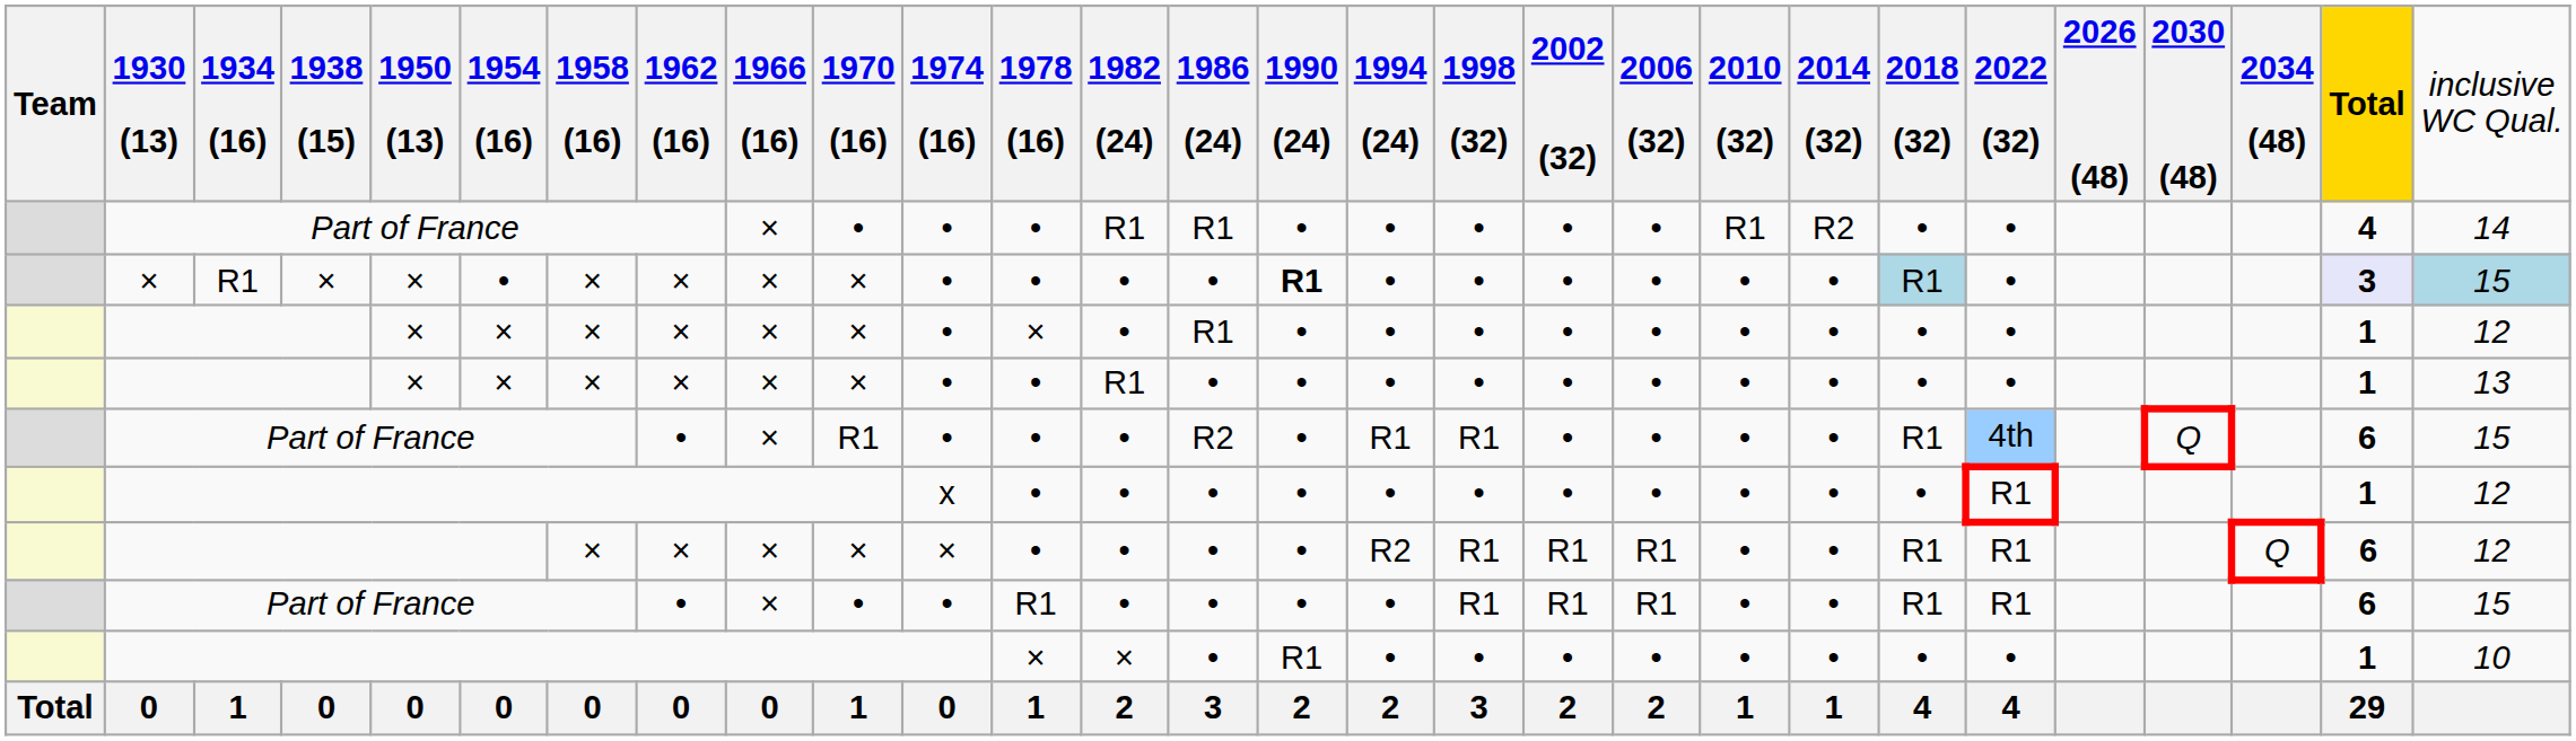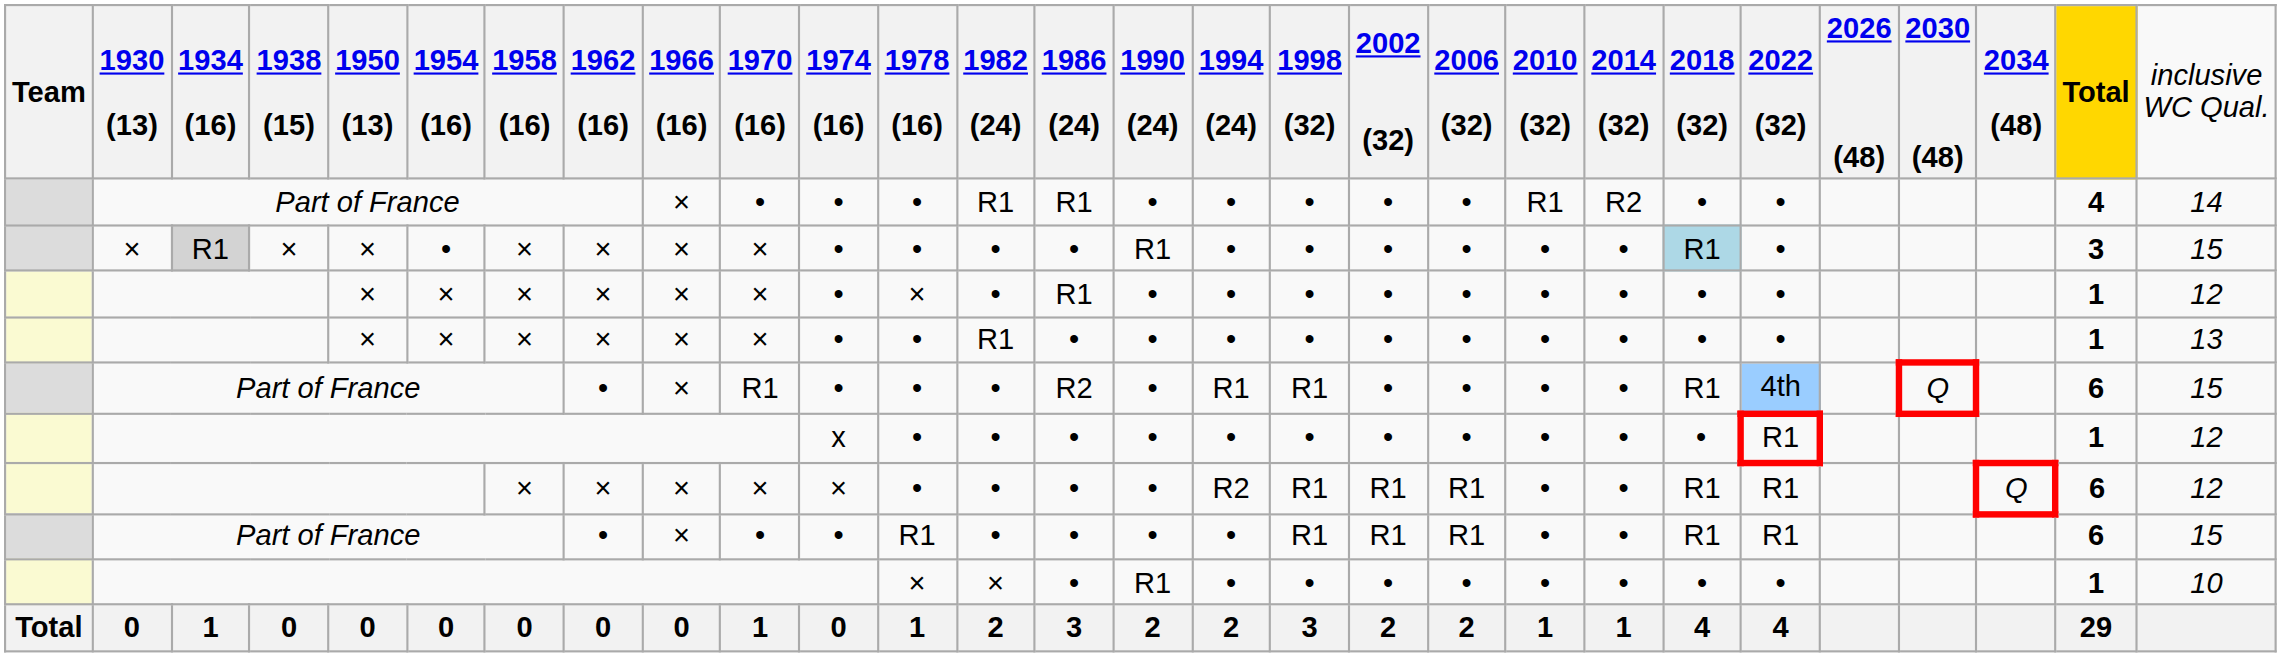 <table class="wikitable sortable" style="text-align:center; font-size:85%;">
 <tr>
 <th>Team</th>
 <th><a href='#'>1930</a><br><br>(13)</th>
 <th><a href='#'>1934</a><br><br>(16)</th>
 <th><a href='#'>1938</a><br><br>(15)</th>
 <th><a href='#'>1950</a><br><br>(13)</th>
 <th><a href='#'>1954</a><br><br>(16)</th>
 <th><a href='#'>1958</a><br><br>(16)</th>
 <th><a href='#'>1962</a><br><br>(16)</th>
 <th><a href='#'>1966</a><br><br>(16)</th>
 <th><a href='#'>1970</a><br><br>(16)</th>
 <th><a href='#'>1974</a><br><br>(16)</th>
 <th><a href='#'>1978</a><br><br>(16)</th>
 <th><a href='#'>1982</a><br><br>(24)</th>
 <th><a href='#'>1986</a><br><br>(24)</th>
 <th><a href='#'>1990</a><br><br>(24)</th>
 <th><a href='#'>1994</a><br><br>(24)</th>
 <th><a href='#'>1998</a><br><br>(32)</th>
 <th><a href='#'>2002</a><br><br><br>(32)</th>
 <th><a href='#'>2006</a><br><br>(32)</th>
 <th><a href='#'>2010</a><br><br>(32)</th>
 <th><a href='#'>2014</a><br><br>(32)</th>
 <th><a href='#'>2018</a><br><br>(32)</th>
 <th><a href='#'>2022</a><br><br>(32)</th>
 <th><a href='#'>2026</a><br><br><br><br>(48)</th>
 <th><a href='#'>2030</a><br><br><br><br>(48)</th>
 <th><a href='#'>2034</a><br><br>(48)</th>
 <td bgcolor=gold><strong>Total</strong></td>
 <td><em>inclusive <br> WC Qual.</em></td>
 </tr>
 <tr>
 <td align=left bgcolor=DCDCDC></td>
 <td colspan=7><em>Part of France</em></td>
 <td>×</td>
 <td>•</td>
 <td>•</td>
 <td>•</td>
 <td>R1<br></td>
 <td>R1<br></td>
 <td>•</td>
 <td>•</td>
 <td>•</td>
 <td>•</td>
 <td>•</td>
 <td>R1<br></td>
 <td>R2<br></td>
 <td>•</td>
 <td>•</td>
 <td></td>
 <td></td>
 <td></td>
 <td><strong>4</strong></td>
 <td><em>14</em></td>
 </tr>
 <tr>
 <td align=left bgcolor=DCDCDC></td>
 <td>×</td>
-<td>R1<br></td>
+<td style="background: lightgrey;">R1<br></td>
 <td>×</td>
 <td>×</td>
 <td>•</td>
 <td>×</td>
 <td>×</td>
 <td>×</td>
 <td>×</td>
 <td>•</td>
 <td>•</td>
 <td>•</td>
 <td>•</td>
-<td><strong>R1<br></strong></td>
+<td>R1<br></td>
 <td>•</td>
 <td>•</td>
 <td>•</td>
 <td>•</td>
 <td>•</td>
 <td>•</td>
 <td style="background: lightblue;">R1<br></td>
 <td>•</td>
 <td></td>
 <td></td>
 <td></td>
-<td style="background: lavender;"><strong>3</strong></td>
-<td style="background: lightblue;"><em>15</em></td>
+<td><strong>3</strong></td>
+<td><em>15</em></td>
 </tr>
 <tr>
 <td align=left bgcolor=FAFAD2></td>
 <td colspan=3></td>
 <td>×</td>
 <td>×</td>
 <td>×</td>
 <td>×</td>
 <td>×</td>
 <td>×</td>
 <td>•</td>
 <td>×</td>
 <td>•</td>
 <td>R1<br></td>
 <td>•</td>
 <td>•</td>
 <td>•</td>
 <td>•</td>
 <td>•</td>
 <td>•</td>
 <td>•</td>
 <td>•</td>
 <td>•</td>
 <td></td>
 <td></td>
 <td></td>
 <td><strong>1</strong></td>
 <td><em>12</em></td>
 </tr>
 <tr>
 <td align=left bgcolor=FAFAD2></td>
 <td colspan=3></td>
 <td>×</td>
 <td>×</td>
 <td>×</td>
 <td>×</td>
 <td>×</td>
 <td>×</td>
 <td>•</td>
 <td>•</td>
 <td>R1<br></td>
 <td>•</td>
 <td>•</td>
 <td>•</td>
 <td>•</td>
 <td>•</td>
 <td>•</td>
 <td>•</td>
 <td>•</td>
 <td>•</td>
 <td>•</td>
 <td></td>
 <td></td>
 <td></td>
 <td><strong>1</strong></td>
 <td><em>13</em></td>
 </tr>
 <tr>
 <td align=left bgcolor=DCDCDC></td>
 <td colspan=6><em>Part of France</em></td>
 <td>•</td>
 <td>×</td>
 <td>R1<br></td>
 <td>•</td>
 <td>•</td>
 <td>•</td>
 <td>R2<br></td>
 <td>•</td>
 <td>R1<br></td>
 <td>R1<br></td>
 <td>•</td>
 <td>•</td>
 <td>•</td>
 <td>•</td>
 <td>R1<br></td>
 <td bgcolor=#9acdff>4th</td>
 <td></td>
 <td style="border:3px solid red"><em>Q</em></td>
 <td></td>
 <td><strong>6</strong></td>
 <td><em>15</em></td>
 </tr>
 <tr>
 <td align=left bgcolor=FAFAD2></td>
 <td colspan=9></td>
 <td>x</td>
 <td>•</td>
 <td>•</td>
 <td>•</td>
 <td>•</td>
 <td>•</td>
 <td>•</td>
 <td>•</td>
 <td>•</td>
 <td>•</td>
 <td>•</td>
 <td>•</td>
 <td style="border:3px solid red">R1<br></td>
 <td></td>
 <td></td>
 <td></td>
 <td><strong>1</strong></td>
 <td><em>12</em></td>
 </tr>
 <tr>
 <td align=left bgcolor=FAFAD2></td>
 <td colspan=5></td>
 <td>×</td>
 <td>×</td>
 <td>×</td>
 <td>×</td>
 <td>×</td>
 <td>•</td>
 <td>•</td>
 <td>•</td>
 <td>•</td>
 <td>R2<br></td>
 <td>R1<br></td>
 <td>R1<br></td>
 <td>R1<br></td>
 <td>•</td>
 <td>•</td>
 <td>R1<br></td>
 <td>R1<br></td>
 <td></td>
 <td></td>
 <td style="border:3px solid red"><em>Q</em></td>
 <td><strong>6</strong></td>
 <td><em>12</em></td>
 </tr>
 <tr>
 <td align=left bgcolor=DCDCDC></td>
 <td colspan=6><em>Part of France</em></td>
 <td>•</td>
 <td>×</td>
 <td>•</td>
 <td>•</td>
 <td>R1<br></td>
 <td>•</td>
 <td>•</td>
 <td>•</td>
 <td>•</td>
 <td>R1<br></td>
 <td>R1<br></td>
 <td>R1<br></td>
 <td>•</td>
 <td>•</td>
 <td>R1<br></td>
 <td>R1<br></td>
 <td></td>
 <td></td>
 <td></td>
 <td><strong>6</strong></td>
 <td><em>15</em></td>
 </tr>
 <tr>
 <td align=left bgcolor=FAFAD2></td>
 <td colspan=10></td>
 <td>×</td>
 <td>×</td>
 <td>•</td>
 <td>R1<br></td>
 <td>•</td>
 <td>•</td>
 <td>•</td>
 <td>•</td>
 <td>•</td>
 <td>•</td>
 <td>•</td>
 <td>•</td>
 <td></td>
 <td></td>
 <td></td>
 <td><strong>1</strong></td>
 <td><em>10</em></td>
 </tr>
 <tr>
 <th>Total</th>
 <th>0</th>
 <th>1</th>
 <th>0</th>
 <th>0</th>
 <th>0</th>
 <th>0</th>
 <th>0</th>
 <th>0</th>
 <th>1</th>
 <th>0</th>
 <th>1</th>
 <th>2</th>
 <th>3</th>
 <th>2</th>
 <th>2</th>
 <th>3</th>
 <th>2</th>
 <th>2</th>
 <th>1</th>
 <th>1</th>
 <th>4</th>
 <th>4</th>
 <th></th>
 <th></th>
 <th></th>
 <th>29</th>
 <th></th>
 </tr>
 </table>
